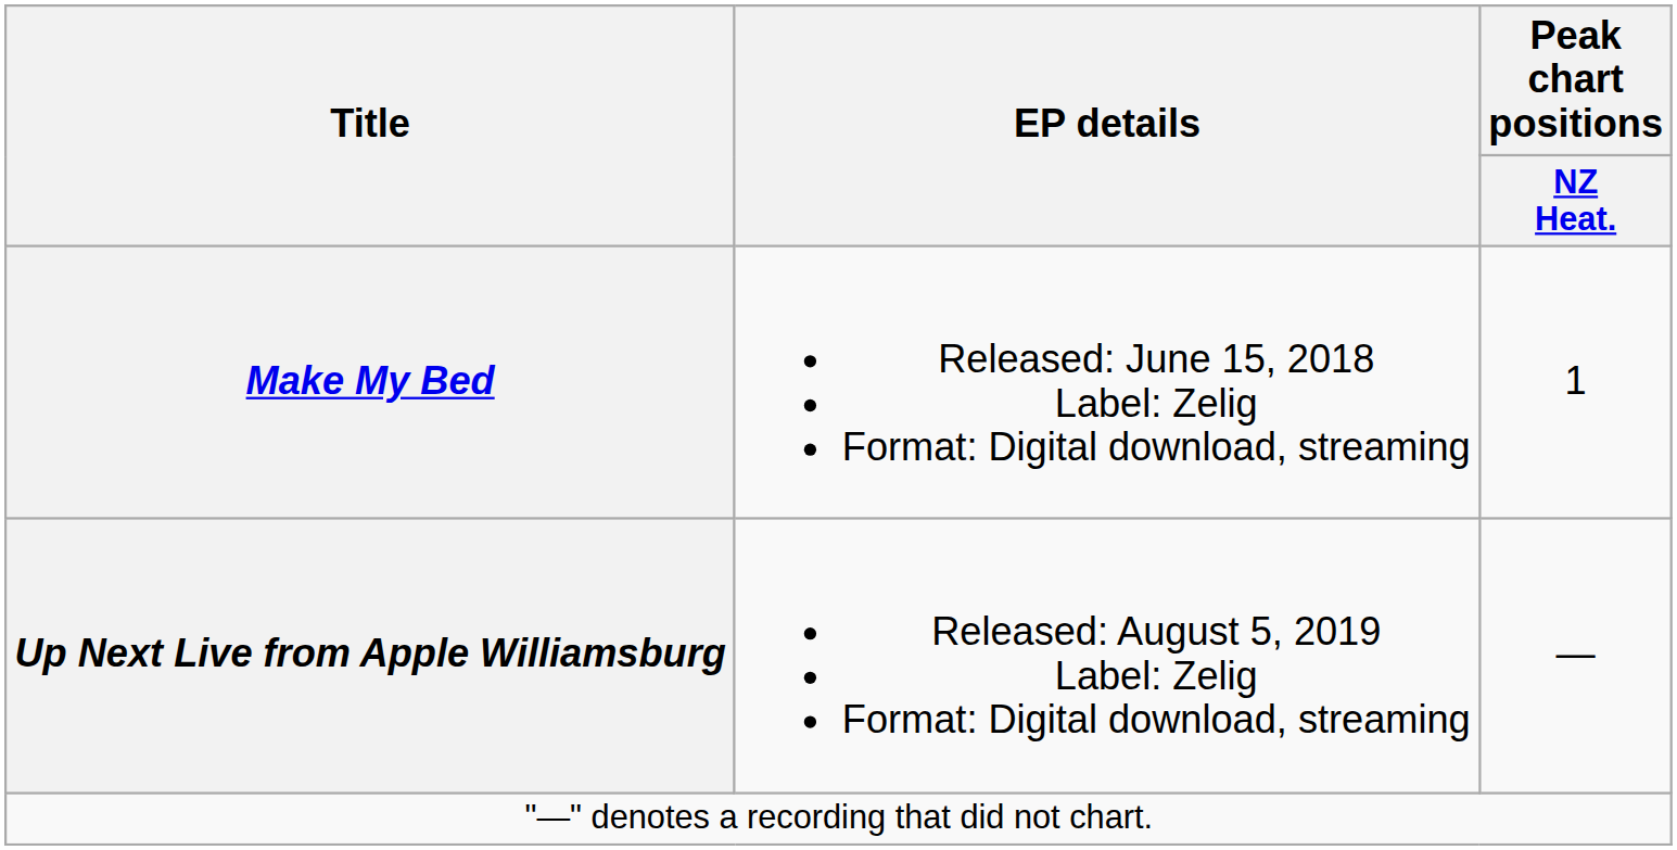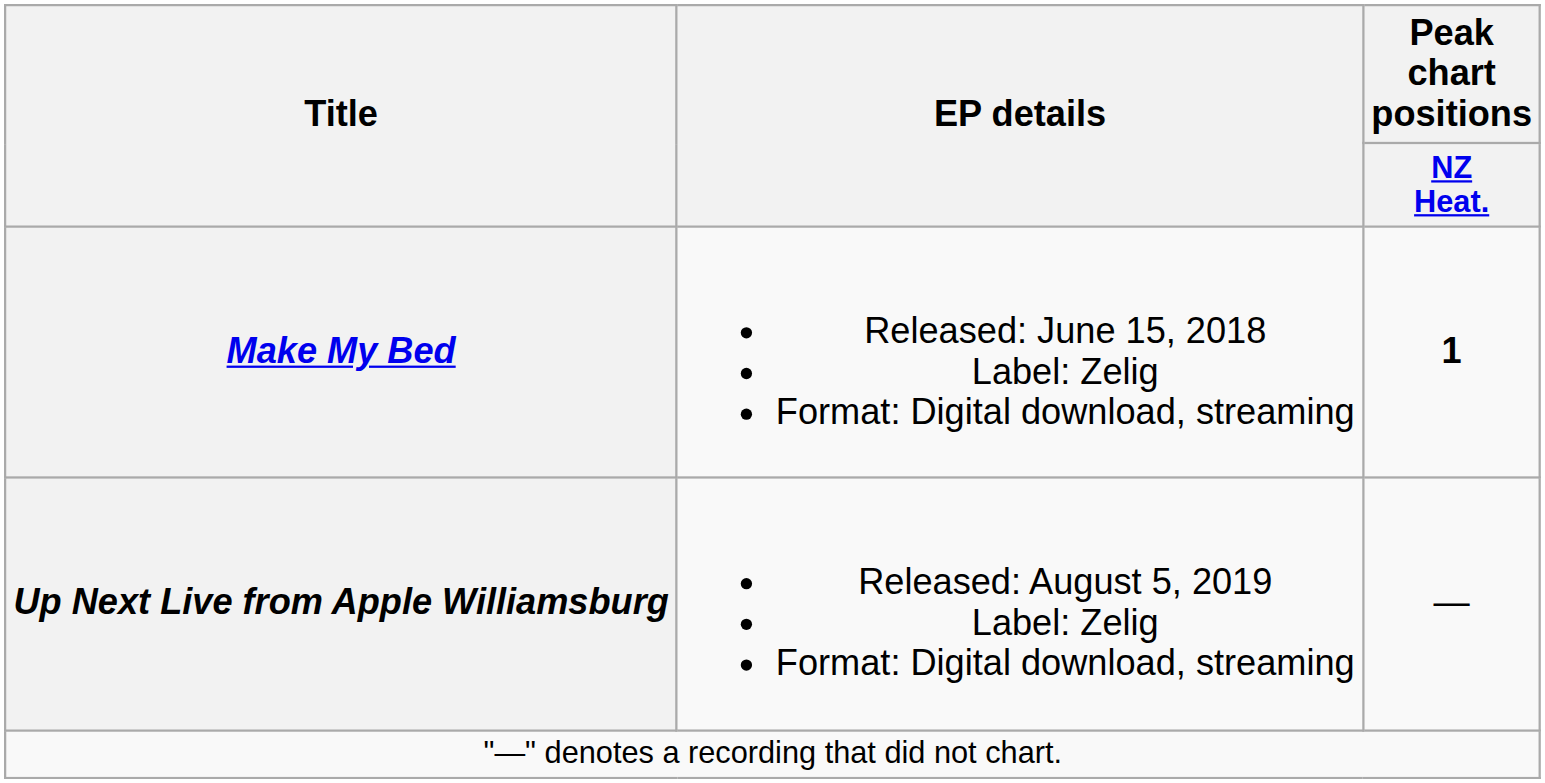 <table class="wikitable plainrowheaders" style="text-align:center;">
 <tr>
 <th rowspan="2">Title</th>
 <th rowspan="2">EP details</th>
 <th colspan="1">Peak chart positions</th>
 </tr>
 <tr>
 <th scope="col" style="width:3em;font-size:85%;"><a href='#'>NZ<br>Heat.</a><br></th>
 </tr>
 <tr>
 <th scope="row"><em><a href='#'>Make My Bed</a></em></th>
 <td><br><ul><li>Released: June 15, 2018</li><li>Label: Zelig</li><li>Format: Digital download, streaming</li></ul></td>
-<td>1</td>
+<td><strong>1</strong></td>
 </tr>
 <tr>
 <th scope="row"><em>Up Next Live from Apple Williamsburg</em></th>
 <td><br><ul><li>Released: August 5, 2019</li><li>Label: Zelig</li><li>Format: Digital download, streaming</li></ul></td>
 <td>—</td>
 </tr>
 <tr>
 <td colspan="15" style="font-size:85%;">"—" denotes a recording that did not chart.</td>
 </tr>
 </table>
